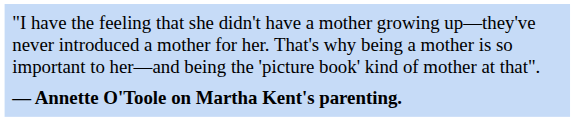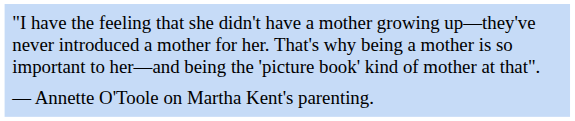 <table class="toccolours" style="float: left; margin-left: 1em; margin-right: 2em; font-size: 95%; background:#c6dbf7; color:black; width:30em; max-width: 40%;" cellspacing="5">
 <tr>
 <td style="text-align: left;">"I have the feeling that she didn't have a mother growing up—they've never introduced a mother for her. That's why being a mother is so important to her—and being the 'picture book' kind of mother at that".</td>
 </tr>
 <tr>
-<td style="text-align: left;"><strong>— Annette O'Toole on Martha Kent's parenting.</strong></td>
+<td style="text-align: left;">— Annette O'Toole on Martha Kent's parenting.</td>
 </tr>
 </table>
